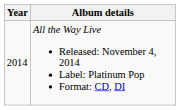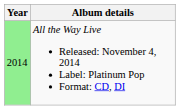 <table class="wikitable">
 <tr>
 <th rowspan="1" width="33">Year</th>
 <th rowspan="1" width="215">Album details</th>
 </tr>
 <tr>
-<td>2014</td>
+<td style="background: lightgreen;">2014</td>
 <td><em>All the Way Live</em><br><ul><li>Released: November 4, 2014</li><li>Label: Platinum Pop</li><li>Format: <a href='#'>CD</a>, <a href='#'>DI</a></li></ul></td>
 </tr>
 </table>
